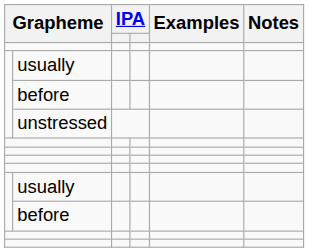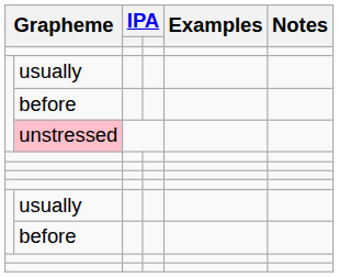 <table class="wikitable">
 <tr>
 <th colspan="2" rowspan="2">Grapheme</th>
 <th colspan="2"><a href='#'>IPA</a></th>
 <th rowspan="2">Examples</th>
 <th rowspan="2">Notes</th>
 </tr>
 <tr>
 <th></th>
 <th></th>
 </tr>
 <tr>
 <td colspan="2"><strong></strong></td>
 <td></td>
 <td></td>
 <td></td>
 <td></td>
 </tr>
 <tr>
 <td rowspan="3"><strong></strong></td>
 <td>usually</td>
 <td></td>
 <td></td>
 <td></td>
 <td></td>
 </tr>
 <tr>
 <td>before </td>
 <td></td>
 <td></td>
 <td></td>
 <td></td>
 </tr>
 <tr>
-<td>unstressed</td>
+<td style="background: pink;">unstressed</td>
 <td colspan="2"></td>
 <td></td>
 <td></td>
 </tr>
 <tr>
 <td colspan="2"><strong></strong></td>
 <td></td>
 <td></td>
 <td></td>
 <td></td>
 </tr>
 <tr>
 <td colspan="2"><strong></strong></td>
 <td></td>
 <td></td>
 <td></td>
 <td></td>
 </tr>
 <tr>
 <td colspan="2"><strong></strong></td>
 <td></td>
 <td></td>
 <td></td>
 <td></td>
 </tr>
 <tr>
 <td colspan="2"><strong></strong></td>
 <td></td>
 <td></td>
 <td></td>
 <td></td>
 </tr>
 <tr>
 <td rowspan="2"><strong></strong></td>
 <td>usually</td>
 <td></td>
 <td></td>
 <td></td>
 <td></td>
 </tr>
 <tr>
 <td>before </td>
 <td></td>
 <td></td>
 <td></td>
 <td></td>
 </tr>
 <tr>
 <td colspan="2"><strong></strong></td>
 <td></td>
 <td></td>
 <td></td>
 <td></td>
 </tr>
 <tr>
 <td colspan="2"><strong></strong></td>
 <td></td>
 <td></td>
 <td></td>
 <td></td>
 </tr>
 </table>
